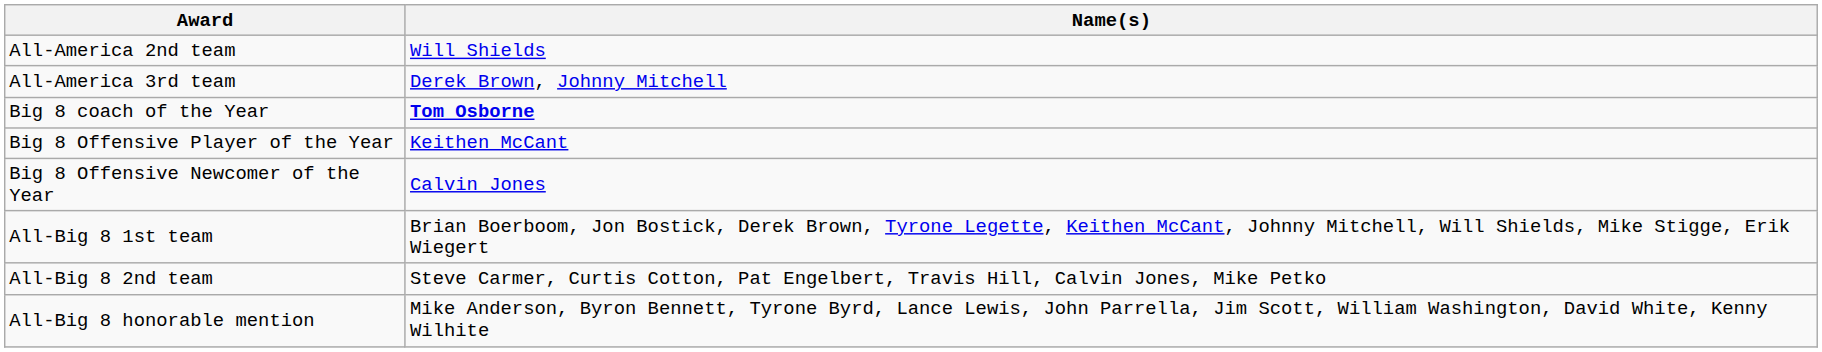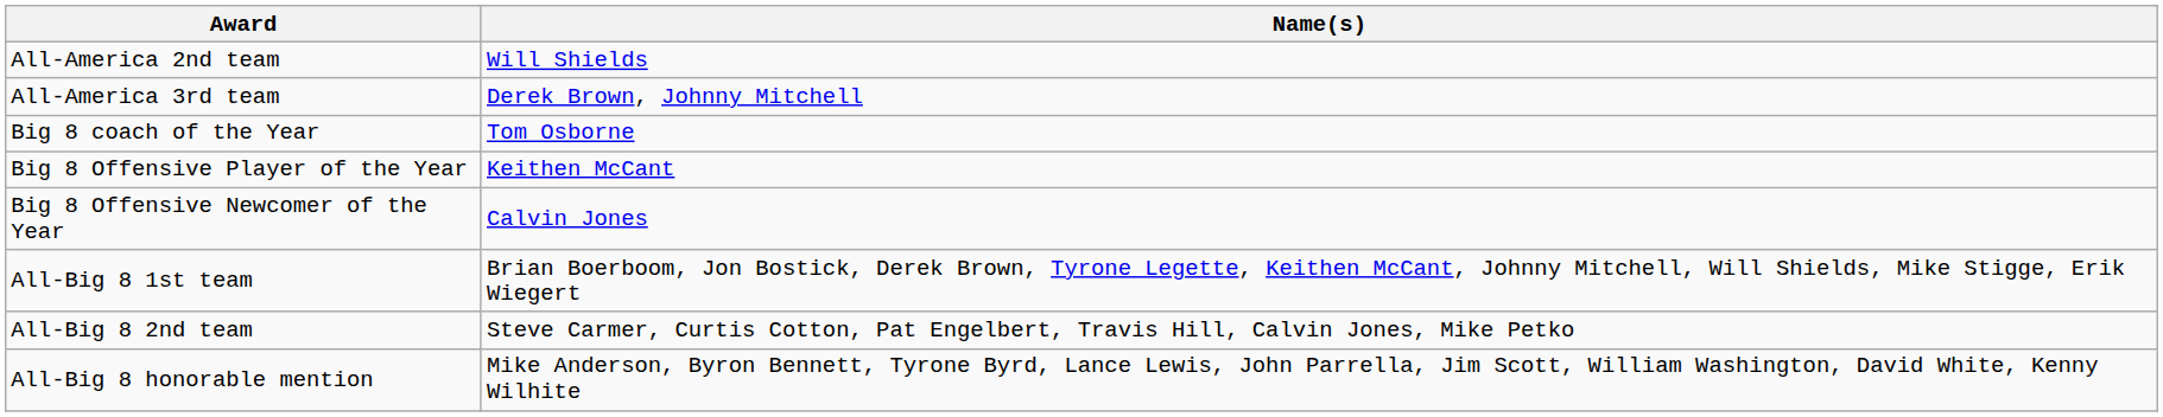 <table class="wikitable">
 <tr>
 <th>Award</th>
 <th>Name(s)</th>
 </tr>
 <tr>
 <td>All-America 2nd team</td>
 <td><a href='#'>Will Shields</a></td>
 </tr>
 <tr>
 <td>All-America 3rd team</td>
 <td><a href='#'>Derek Brown</a>, <a href='#'>Johnny Mitchell</a></td>
 </tr>
 <tr>
 <td>Big 8 coach of the Year</td>
-<td><strong><a href='#'>Tom Osborne</a></strong></td>
+<td><a href='#'>Tom Osborne</a></td>
 </tr>
 <tr>
 <td>Big 8 Offensive Player of the Year</td>
 <td><a href='#'>Keithen McCant</a></td>
 </tr>
 <tr>
 <td>Big 8 Offensive Newcomer of the Year</td>
 <td><a href='#'>Calvin Jones</a></td>
 </tr>
 <tr>
 <td>All-Big 8 1st team</td>
 <td>Brian Boerboom, Jon Bostick, Derek Brown, <a href='#'>Tyrone Legette</a>, <a href='#'>Keithen McCant</a>, Johnny Mitchell, Will Shields, Mike Stigge, Erik Wiegert</td>
 </tr>
 <tr>
 <td>All-Big 8 2nd team</td>
 <td>Steve Carmer, Curtis Cotton, Pat Engelbert, Travis Hill, Calvin Jones, Mike Petko</td>
 </tr>
 <tr>
 <td>All-Big 8 honorable mention</td>
 <td>Mike Anderson, Byron Bennett, Tyrone Byrd, Lance Lewis, John Parrella, Jim Scott, William Washington, David White, Kenny Wilhite</td>
 </tr>
 </table>
